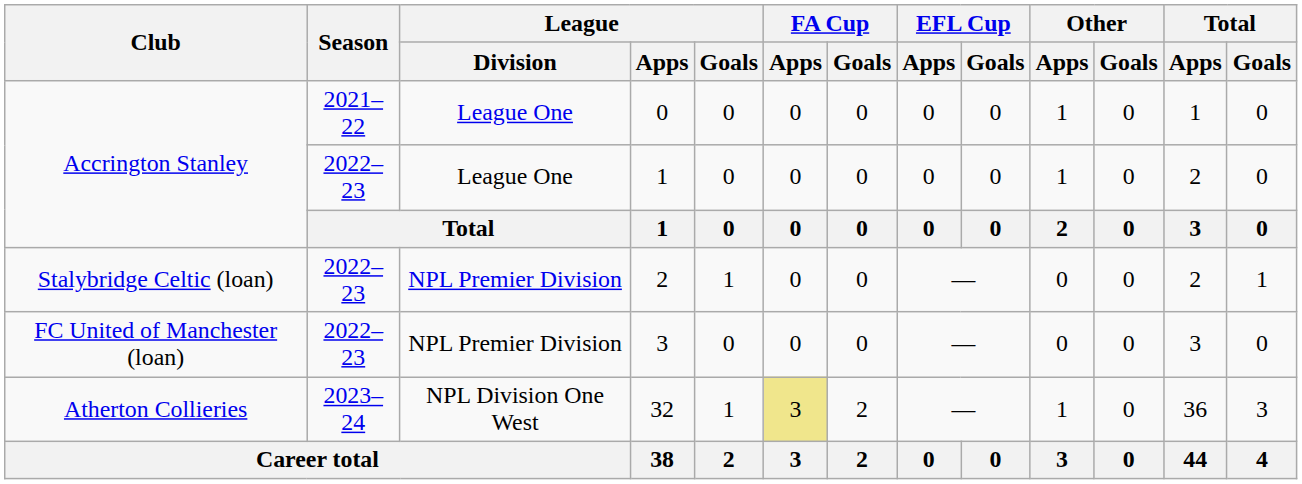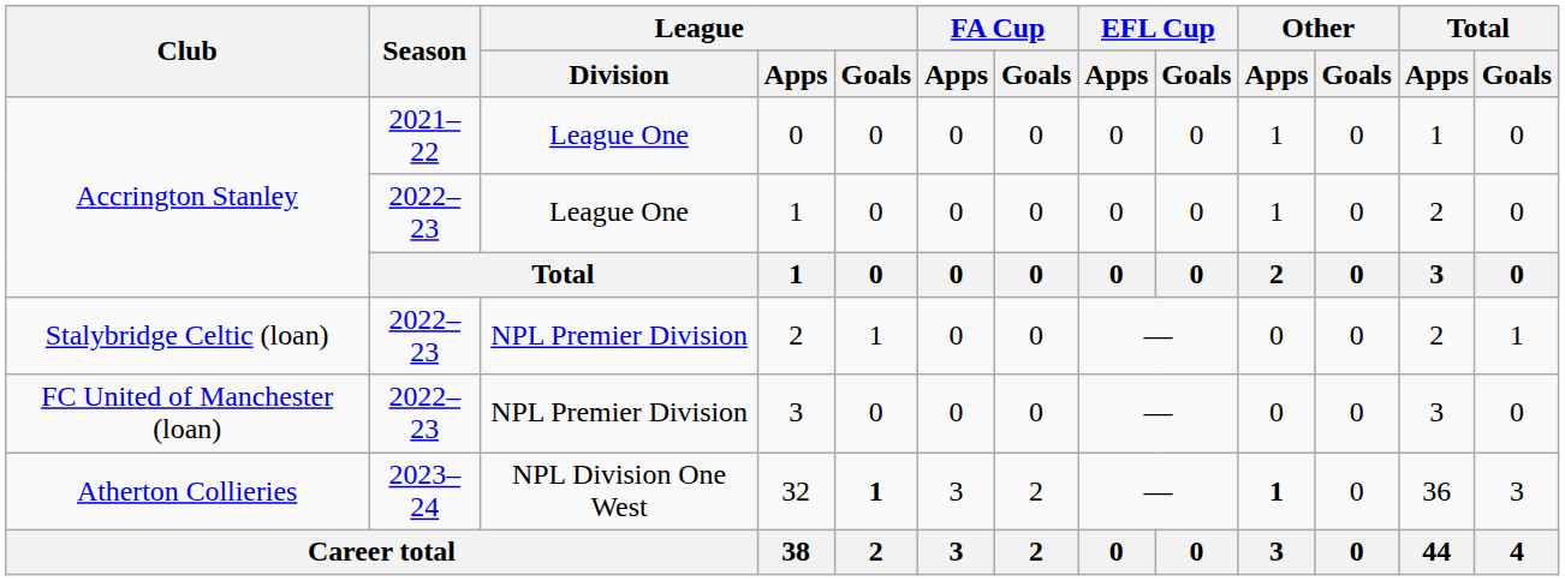 <table class="wikitable" style="text-align:center">
 <tr>
 <th rowspan="2">Club</th>
 <th rowspan="2">Season</th>
 <th colspan="3">League</th>
 <th colspan="2"><a href='#'>FA Cup</a></th>
 <th colspan="2"><a href='#'>EFL Cup</a></th>
 <th colspan="2">Other</th>
 <th colspan="2">Total</th>
 </tr>
 <tr>
 <th>Division</th>
 <th>Apps</th>
 <th>Goals</th>
 <th>Apps</th>
 <th>Goals</th>
 <th>Apps</th>
 <th>Goals</th>
 <th>Apps</th>
 <th>Goals</th>
 <th>Apps</th>
 <th>Goals</th>
 </tr>
 <tr>
 <td rowspan="3"><a href='#'>Accrington Stanley</a></td>
 <td><a href='#'>2021–22</a></td>
 <td><a href='#'>League One</a></td>
 <td>0</td>
 <td>0</td>
 <td>0</td>
 <td>0</td>
 <td>0</td>
 <td>0</td>
 <td>1</td>
 <td>0</td>
 <td>1</td>
 <td>0</td>
 </tr>
 <tr>
 <td><a href='#'>2022–23</a></td>
 <td>League One</td>
 <td>1</td>
 <td>0</td>
 <td>0</td>
 <td>0</td>
 <td>0</td>
 <td>0</td>
 <td>1</td>
 <td>0</td>
 <td>2</td>
 <td>0</td>
 </tr>
 <tr>
 <th colspan="2">Total</th>
 <th>1</th>
 <th>0</th>
 <th>0</th>
 <th>0</th>
 <th>0</th>
 <th>0</th>
 <th>2</th>
 <th>0</th>
 <th>3</th>
 <th>0</th>
 </tr>
 <tr>
 <td><a href='#'>Stalybridge Celtic</a> (loan)</td>
 <td><a href='#'>2022–23</a></td>
 <td><a href='#'>NPL Premier Division</a></td>
 <td>2</td>
 <td>1</td>
 <td>0</td>
 <td>0</td>
 <td colspan="2">—</td>
 <td>0</td>
 <td>0</td>
 <td>2</td>
 <td>1</td>
 </tr>
 <tr>
 <td><a href='#'>FC United of Manchester</a> (loan)</td>
 <td><a href='#'>2022–23</a></td>
 <td>NPL Premier Division</td>
 <td>3</td>
 <td>0</td>
 <td>0</td>
 <td>0</td>
 <td colspan="2">—</td>
 <td>0</td>
 <td>0</td>
 <td>3</td>
 <td>0</td>
 </tr>
 <tr>
 <td><a href='#'>Atherton Collieries</a></td>
 <td><a href='#'>2023–24</a></td>
 <td>NPL Division One West</td>
 <td>32</td>
-<td>1</td>
-<td style="background: khaki;">3</td>
+<td><strong>1</strong></td>
+<td>3</td>
 <td>2</td>
 <td colspan="2">—</td>
-<td>1</td>
+<td><strong>1</strong></td>
 <td>0</td>
 <td>36</td>
 <td>3</td>
 </tr>
 <tr>
 <th colspan="3">Career total</th>
 <th>38</th>
 <th>2</th>
 <th>3</th>
 <th>2</th>
 <th>0</th>
 <th>0</th>
 <th>3</th>
 <th>0</th>
 <th>44</th>
 <th>4</th>
 </tr>
 </table>
